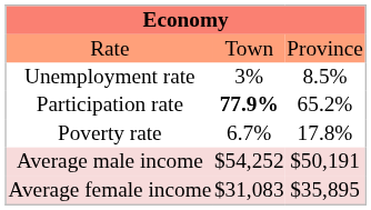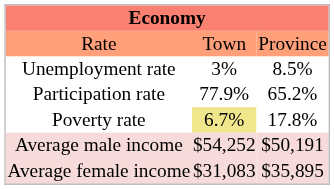 <table cellpadding="1" style="float: right; margin: 0em 1em 1em 0em; border:1px #bbbbbb solid; border-collapse: collapse; font-size: 90%;">
 <tr style="text-align:center;background-color:salmon">
 <th colspan=3>Economy</th>
 </tr>
 <tr style="text-align:center;background-color:lightsalmon">
 <td>Rate</td>
 <td>Town</td>
 <td>Province</td>
 </tr>
 <tr align=center>
 <td>Unemployment rate</td>
 <td>3%</td>
 <td>8.5%</td>
 </tr>
 <tr align=center>
 <td>Participation rate</td>
-<td><strong>77.9%</strong></td>
+<td>77.9%</td>
 <td>65.2%</td>
 </tr>
 <tr align=center>
 <td>Poverty rate</td>
-<td>6.7%</td>
+<td style="background: khaki;">6.7%</td>
 <td>17.8%</td>
 </tr>
 <tr align=center bgcolor=#F7DBDB>
 <td>Average male income</td>
 <td>$54,252</td>
 <td>$50,191</td>
 </tr>
 <tr align=center bgcolor=#F7DBDB>
 <td>Average female income</td>
 <td>$31,083</td>
 <td>$35,895</td>
 </tr>
 </table>
